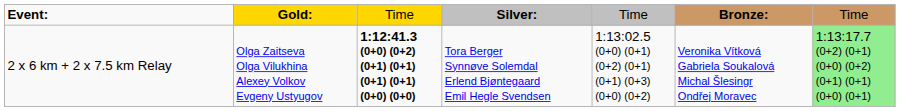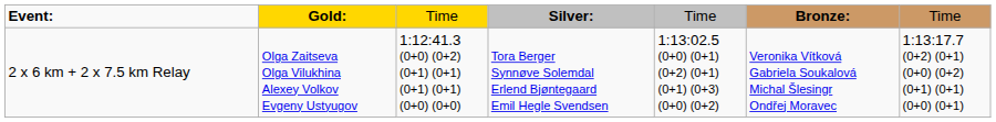 <table class="wikitable" border="1" style="width:85%;">
 <tr>
 <td><strong>Event:</strong></td>
 <td style="text-align:center;background-color:gold;"><strong>Gold:</strong></td>
 <td style="text-align:center;background-color:gold;">Time</td>
 <td style="text-align:center;background-color:silver;"><strong>Silver:</strong></td>
 <td style="text-align:center;background-color:silver;">Time</td>
 <td style="text-align:center;background-color:#CC9966;"><strong>Bronze:</strong></td>
 <td style="text-align:center;background-color:#CC9966;">Time</td>
 </tr>
 <tr>
 <td>2 x 6 km + 2 x 7.5 km Relay<br><em></em></td>
 <td><strong></strong><br><small><a href='#'>Olga Zaitseva</a><br><a href='#'>Olga Vilukhina</a><br><a href='#'>Alexey Volkov</a><br><a href='#'>Evgeny Ustyugov</a></small></td>
-<td><strong>1:12:41.3	<br><small>(0+0) (0+2)<br>(0+1) (0+1)<br>(0+1) (0+1)<br>(0+0) (0+0)</small></strong></td>
+<td>1:12:41.3	<br><small>(0+0) (0+2)<br>(0+1) (0+1)<br>(0+1) (0+1)<br>(0+0) (0+0)</small></td>
 <td><br><small><a href='#'>Tora Berger</a><br><a href='#'>Synnøve Solemdal</a><br><a href='#'>Erlend Bjøntegaard</a><br><a href='#'>Emil Hegle Svendsen</a></small></td>
 <td>1:13:02.5<br><small>(0+0) (0+1)<br>(0+2) (0+1)<br>(0+1) (0+3)<br>(0+0) (0+2)</small></td>
 <td><br><small><a href='#'>Veronika Vítková</a><br><a href='#'>Gabriela Soukalová</a><br><a href='#'>Michal Šlesingr</a><br><a href='#'>Ondřej Moravec</a></small></td>
-<td style="background: lightgreen;">1:13:17.7<br><small>(0+2) (0+1)<br>(0+0) (0+2)<br>(0+1) (0+1)<br>(0+0) (0+1)</small></td>
+<td>1:13:17.7<br><small>(0+2) (0+1)<br>(0+0) (0+2)<br>(0+1) (0+1)<br>(0+0) (0+1)</small></td>
 </tr>
 </table>
